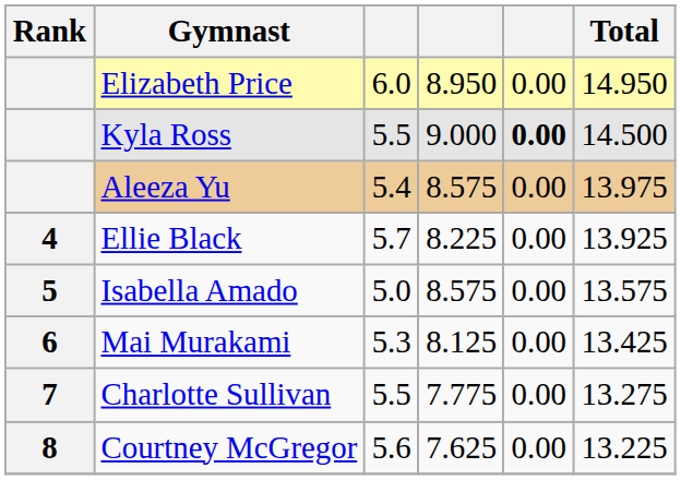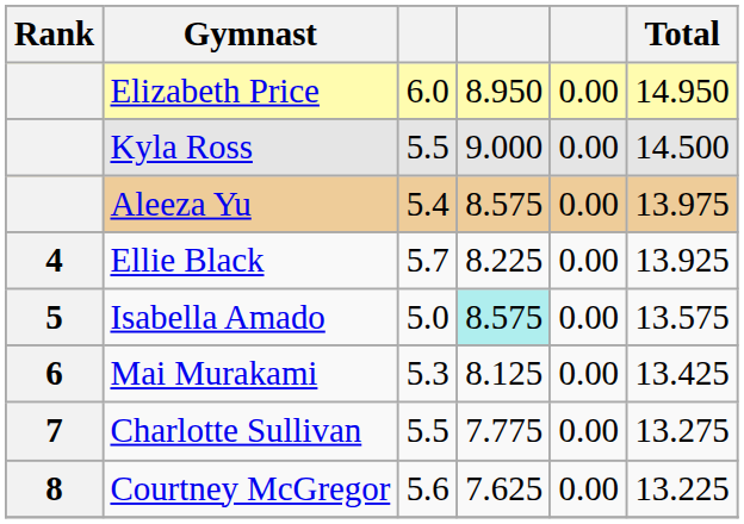 <table class="wikitable sortable" style="text-align:center; font-size:95%">
 <tr>
 <th scope=col>Rank</th>
 <th scope=col>Gymnast</th>
 <th scope=col></th>
 <th scope=col></th>
 <th scope=col></th>
 <th scope=col>Total</th>
 </tr>
 <tr bgcolor=fffcaf>
 <th scope=row style="text-align:center"></th>
 <td align=left><a href='#'>Elizabeth Price</a><br></td>
 <td>6.0</td>
 <td>8.950</td>
 <td>0.00</td>
 <td>14.950</td>
 </tr>
 <tr bgcolor=e5e5e5>
 <th scope=row style="text-align:center"></th>
 <td align=left><a href='#'>Kyla Ross</a><br></td>
 <td>5.5</td>
 <td>9.000</td>
-<td><strong>0.00</strong></td>
+<td>0.00</td>
 <td>14.500</td>
 </tr>
 <tr bgcolor=eecc99>
 <th scope=row style="text-align:center"></th>
 <td align=left><a href='#'>Aleeza Yu</a><br></td>
 <td>5.4</td>
 <td>8.575</td>
 <td>0.00</td>
 <td>13.975</td>
 </tr>
 <tr>
 <th scope=row style="text-align:center">4</th>
 <td align=left><a href='#'>Ellie Black</a><br></td>
 <td>5.7</td>
 <td>8.225</td>
 <td>0.00</td>
 <td>13.925</td>
 </tr>
 <tr>
 <th scope=row style="text-align:center">5</th>
 <td align=left><a href='#'>Isabella Amado</a><br></td>
 <td>5.0</td>
-<td>8.575</td>
+<td style="background: paleturquoise;">8.575</td>
 <td>0.00</td>
 <td>13.575</td>
 </tr>
 <tr>
 <th scope=row style="text-align:center">6</th>
 <td align=left><a href='#'>Mai Murakami</a><br></td>
 <td>5.3</td>
 <td>8.125</td>
 <td>0.00</td>
 <td>13.425</td>
 </tr>
 <tr>
 <th scope=row style="text-align:center">7</th>
 <td align=left><a href='#'>Charlotte Sullivan</a><br></td>
 <td>5.5</td>
 <td>7.775</td>
 <td>0.00</td>
 <td>13.275</td>
 </tr>
 <tr>
 <th scope=row style="text-align:center">8</th>
 <td align=left><a href='#'>Courtney McGregor</a><br></td>
 <td>5.6</td>
 <td>7.625</td>
 <td>0.00</td>
 <td>13.225</td>
 </tr>
 <tr>
 </tr>
 </table>
